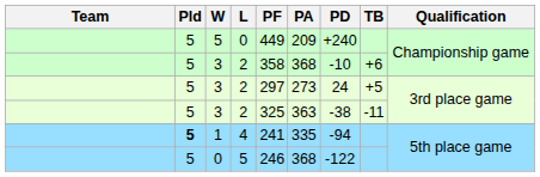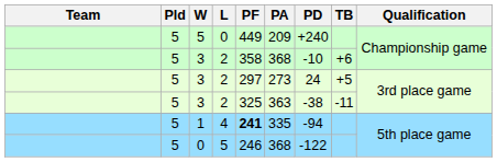 <table class="wikitable" style="text-align:center;">
 <tr>
 <th width=175>Team</th>
 <th width=20  abbr="Played">Pld</th>
 <th width=20  abbr="Won">W</th>
 <th width=20  abbr="Lost">L</th>
 <th width=20  abbr="Points">PF</th>
 <th width=20  abbr="Points Against">PA</th>
 <th width=25  abbr="Points Difference">PD</th>
 <th width=20  abbr=>TB</th>
 <th width=150 abbr=>Qualification</th>
 </tr>
 <tr bgcolor="ccffcc">
 <td style="text-align:left"></td>
 <td>5</td>
 <td>5</td>
 <td>0</td>
 <td>449</td>
 <td>209</td>
 <td>+240</td>
 <td></td>
 <td rowspan="2">Championship game</td>
 </tr>
 <tr bgcolor="ccffcc">
 <td style="text-align:left"></td>
 <td>5</td>
 <td>3</td>
 <td>2</td>
 <td>358</td>
 <td>368</td>
 <td>-10</td>
 <td>+6</td>
 </tr>
 <tr bgcolor="E8FFD8">
 <td style="text-align:left"></td>
 <td>5</td>
 <td>3</td>
 <td>2</td>
 <td>297</td>
 <td>273</td>
 <td>24</td>
 <td>+5</td>
 <td rowspan="2">3rd place game</td>
 </tr>
 <tr bgcolor="E8FFD8">
 <td style="text-align:left"></td>
 <td>5</td>
 <td>3</td>
 <td>2</td>
 <td>325</td>
 <td>363</td>
 <td>-38</td>
 <td>-11</td>
 </tr>
 <tr bgcolor="97DEFF">
 <td style="text-align:left"></td>
-<td><strong>5</strong></td>
+<td>5</td>
 <td>1</td>
 <td>4</td>
-<td>241</td>
+<td><strong>241</strong></td>
 <td>335</td>
 <td>-94</td>
 <td></td>
 <td rowspan="2">5th place game</td>
 </tr>
 <tr bgcolor="97DEFF">
 <td style="text-align:left"></td>
 <td>5</td>
 <td>0</td>
 <td>5</td>
 <td>246</td>
 <td>368</td>
 <td>-122</td>
 <td></td>
 </tr>
 </table>
